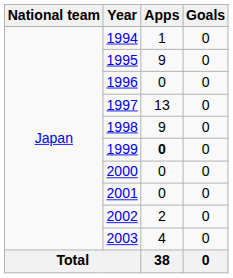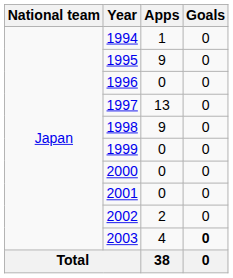 <table class="wikitable" style="text-align:center">
 <tr>
 <th>National team</th>
 <th>Year</th>
 <th>Apps</th>
 <th>Goals</th>
 </tr>
 <tr>
 <td rowspan="10"><a href='#'>Japan</a></td>
 <td><a href='#'>1994</a></td>
 <td>1</td>
 <td>0</td>
 </tr>
 <tr>
 <td><a href='#'>1995</a></td>
 <td>9</td>
 <td>0</td>
 </tr>
 <tr>
 <td><a href='#'>1996</a></td>
 <td>0</td>
 <td>0</td>
 </tr>
 <tr>
 <td><a href='#'>1997</a></td>
 <td>13</td>
 <td>0</td>
 </tr>
 <tr>
 <td><a href='#'>1998</a></td>
 <td>9</td>
 <td>0</td>
 </tr>
 <tr>
 <td><a href='#'>1999</a></td>
-<td><strong>0</strong></td>
+<td>0</td>
 <td>0</td>
 </tr>
 <tr>
 <td><a href='#'>2000</a></td>
 <td>0</td>
 <td>0</td>
 </tr>
 <tr>
 <td><a href='#'>2001</a></td>
 <td>0</td>
 <td>0</td>
 </tr>
 <tr>
 <td><a href='#'>2002</a></td>
 <td>2</td>
 <td>0</td>
 </tr>
 <tr>
 <td><a href='#'>2003</a></td>
 <td>4</td>
-<td>0</td>
+<td><strong>0</strong></td>
 </tr>
 <tr>
 <th colspan="2">Total</th>
 <th>38</th>
 <th>0</th>
 </tr>
 </table>
